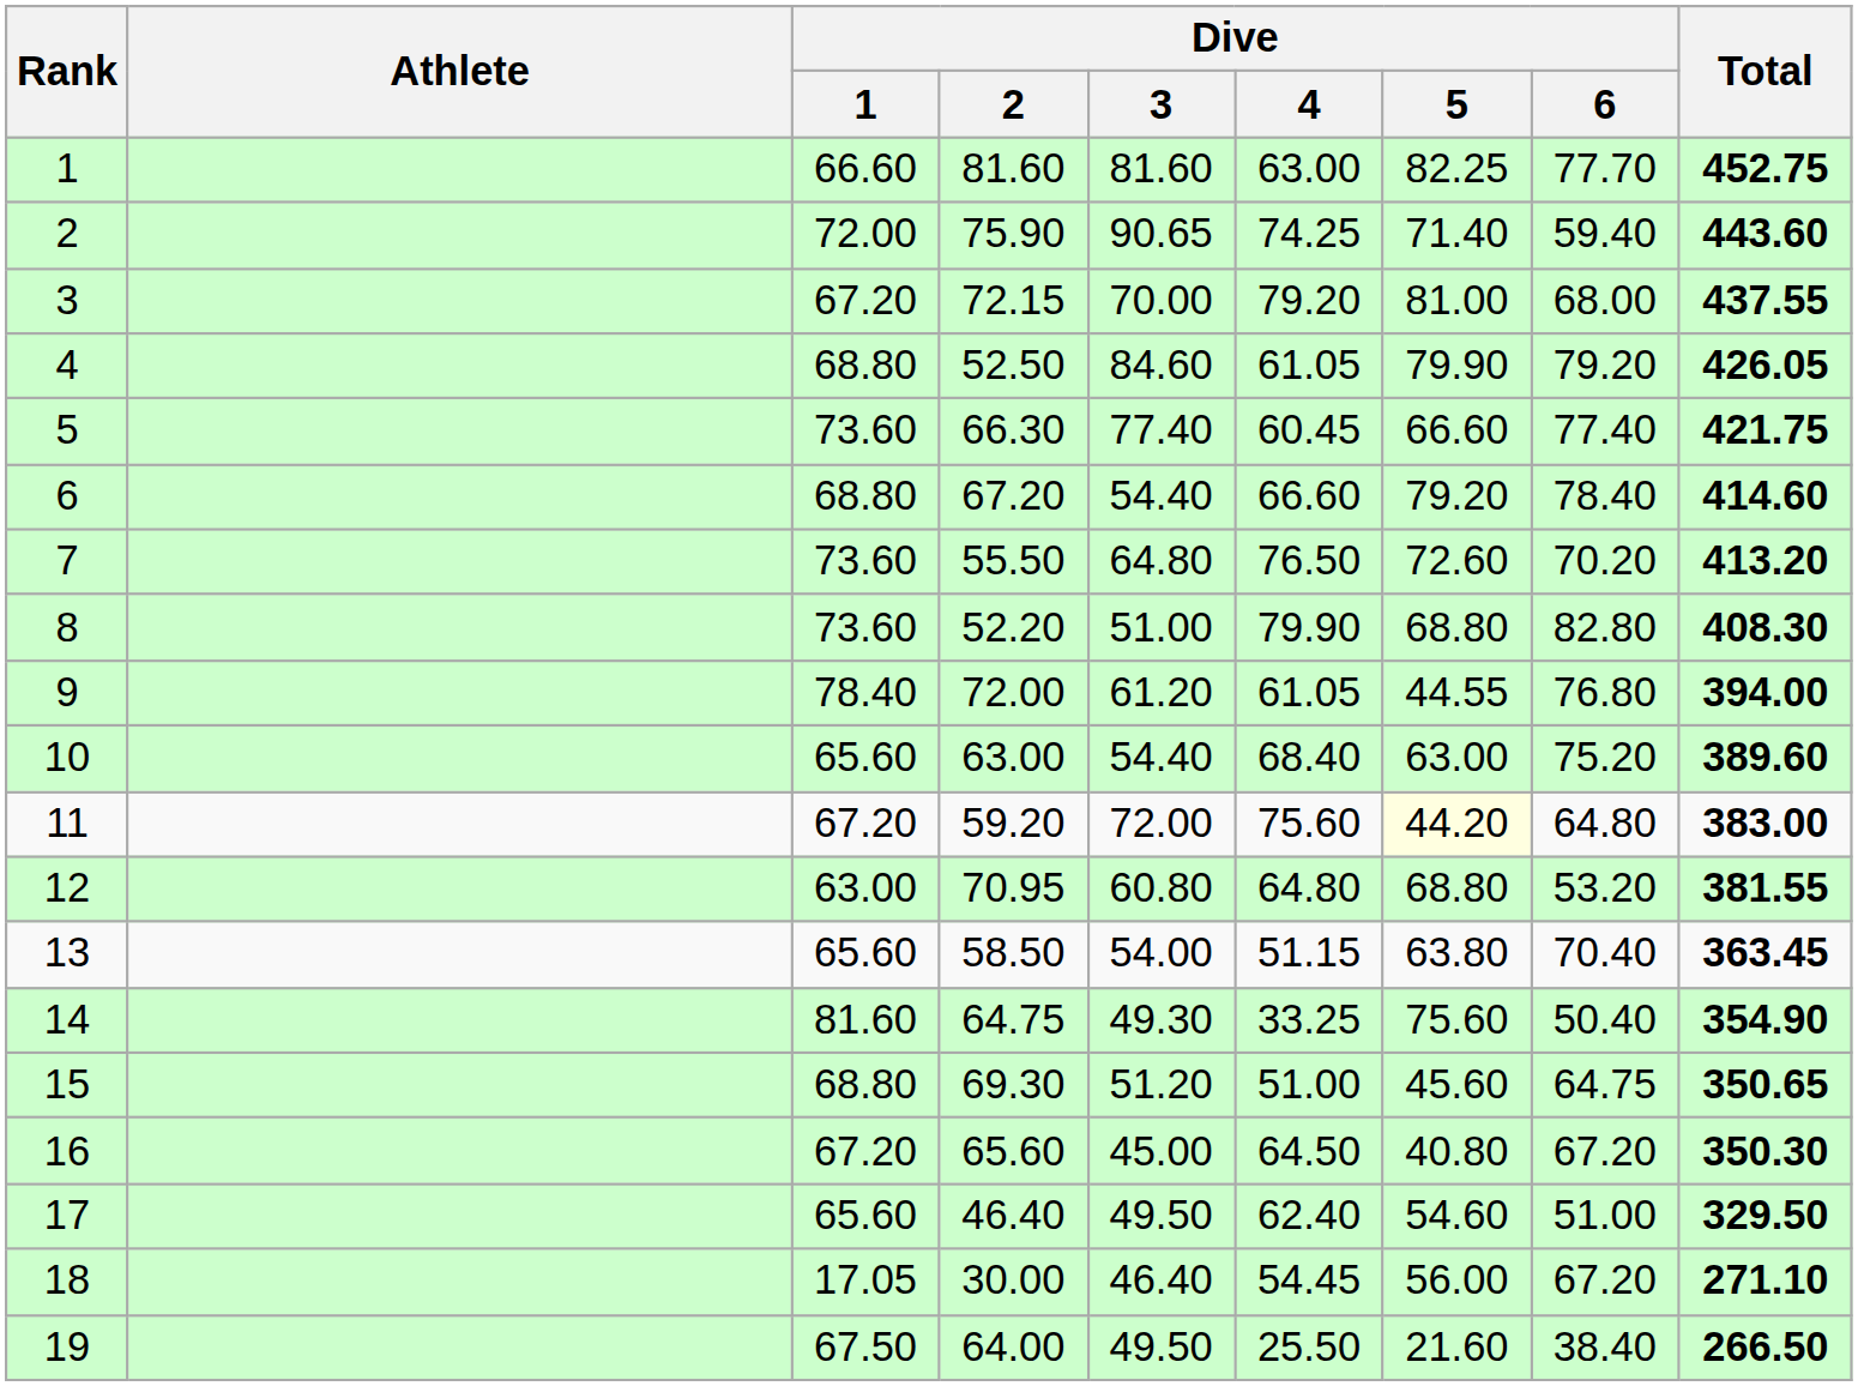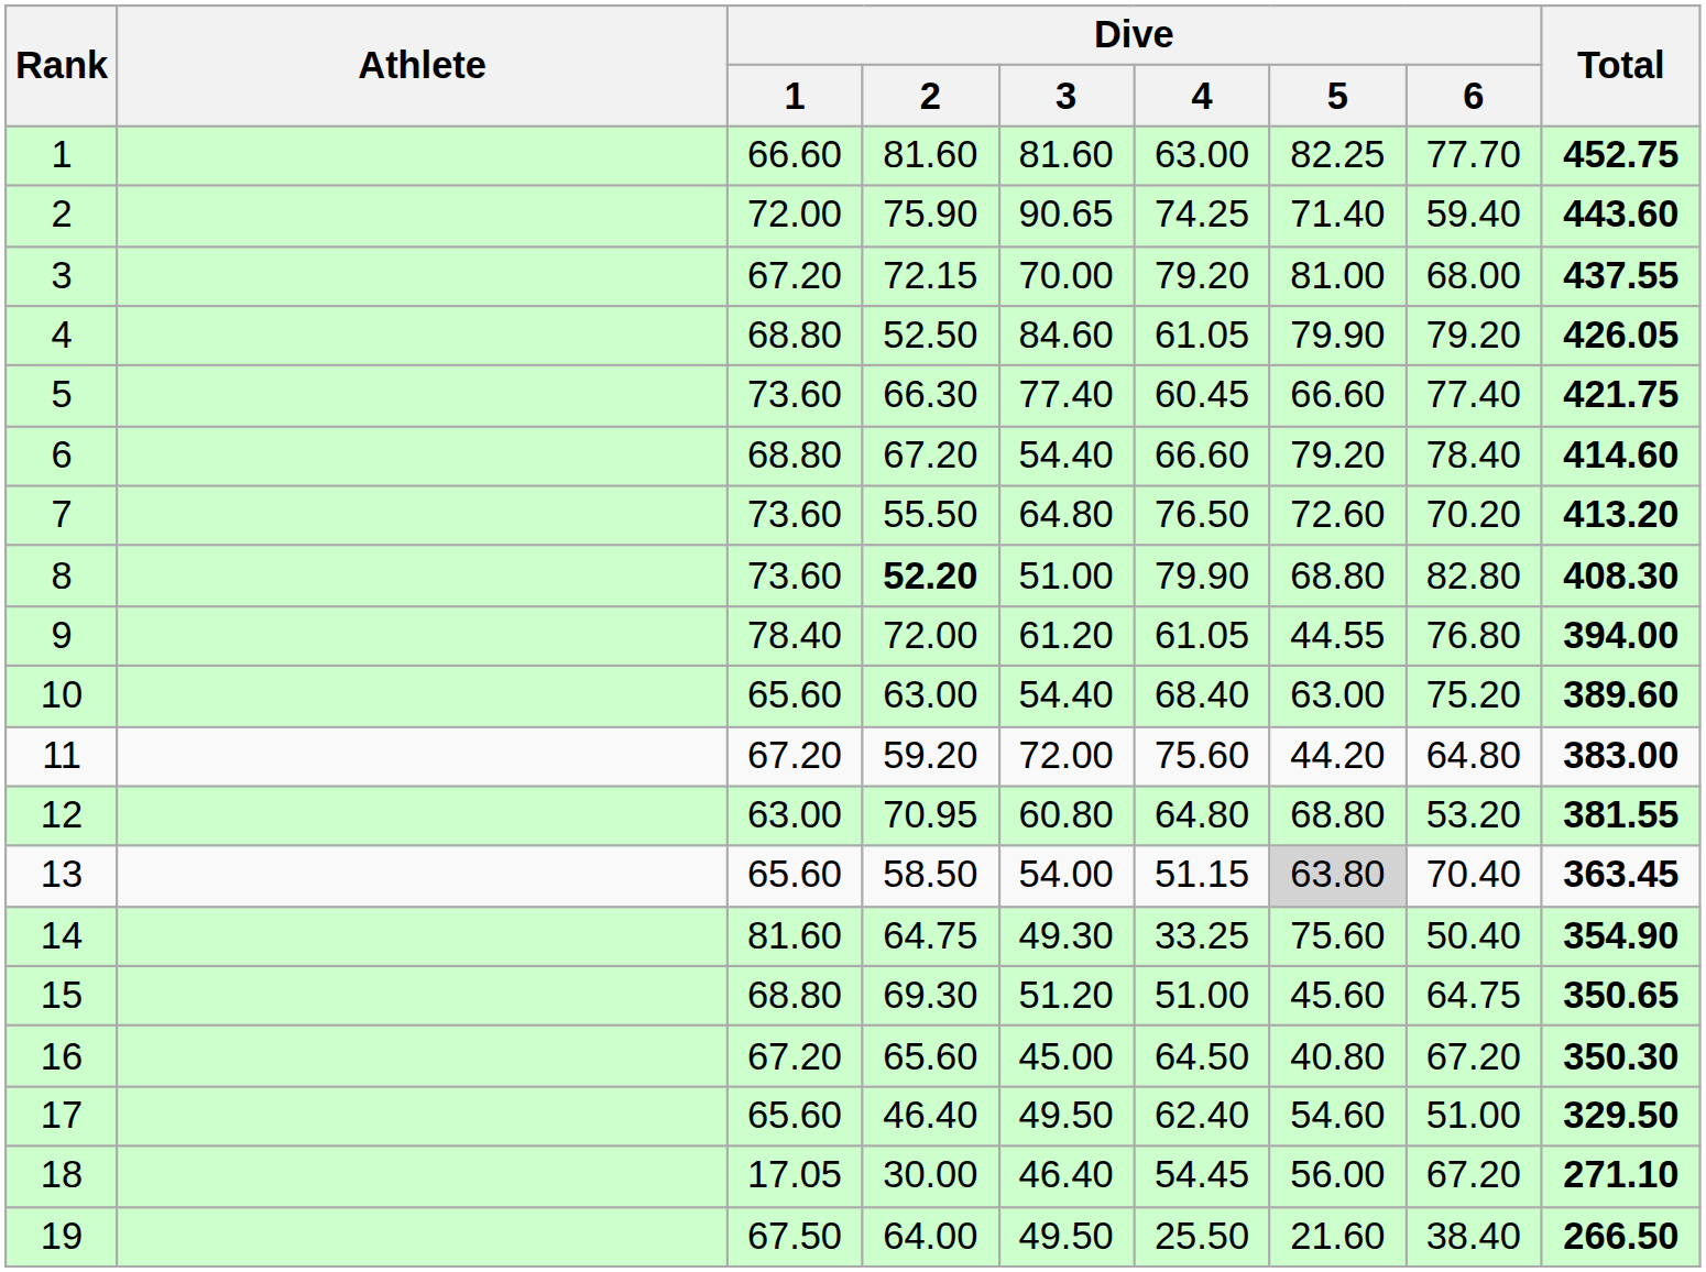 <table class="wikitable" style="text-align:center">
 <tr>
 <th rowspan="2" width="40">Rank</th>
 <th rowspan="2" width="250">Athlete</th>
 <th colspan="6">Dive</th>
 <th rowspan="2" width="60">Total</th>
 </tr>
 <tr>
 <th width="50">1</th>
 <th width="50">2</th>
 <th width="50">3</th>
 <th width="50">4</th>
 <th width="50">5</th>
 <th width="50">6</th>
 </tr>
 <tr bgcolor="ccffcc">
 <td>1</td>
 <td align="left"></td>
 <td>66.60</td>
 <td>81.60</td>
 <td>81.60</td>
 <td>63.00</td>
 <td>82.25</td>
 <td>77.70</td>
 <td><strong>452.75</strong></td>
 </tr>
 <tr bgcolor="ccffcc">
 <td>2</td>
 <td align="left"></td>
 <td>72.00</td>
 <td>75.90</td>
 <td>90.65</td>
 <td>74.25</td>
 <td>71.40</td>
 <td>59.40</td>
 <td><strong>443.60</strong></td>
 </tr>
 <tr bgcolor="ccffcc">
 <td>3</td>
 <td align="left"></td>
 <td>67.20</td>
 <td>72.15</td>
 <td>70.00</td>
 <td>79.20</td>
 <td>81.00</td>
 <td>68.00</td>
 <td><strong>437.55</strong></td>
 </tr>
 <tr bgcolor="ccffcc">
 <td>4</td>
 <td align="left"></td>
 <td>68.80</td>
 <td>52.50</td>
 <td>84.60</td>
 <td>61.05</td>
 <td>79.90</td>
 <td>79.20</td>
 <td><strong>426.05</strong></td>
 </tr>
 <tr bgcolor="ccffcc">
 <td>5</td>
 <td align="left"></td>
 <td>73.60</td>
 <td>66.30</td>
 <td>77.40</td>
 <td>60.45</td>
 <td>66.60</td>
 <td>77.40</td>
 <td><strong>421.75</strong></td>
 </tr>
 <tr bgcolor="ccffcc">
 <td>6</td>
 <td align="left"></td>
 <td>68.80</td>
 <td>67.20</td>
 <td>54.40</td>
 <td>66.60</td>
 <td>79.20</td>
 <td>78.40</td>
 <td><strong>414.60</strong></td>
 </tr>
 <tr bgcolor="ccffcc">
 <td>7</td>
 <td align="left"></td>
 <td>73.60</td>
 <td>55.50</td>
 <td>64.80</td>
 <td>76.50</td>
 <td>72.60</td>
 <td>70.20</td>
 <td><strong>413.20</strong></td>
 </tr>
 <tr bgcolor="ccffcc">
 <td>8</td>
 <td align="left"></td>
 <td>73.60</td>
-<td>52.20</td>
+<td><strong>52.20</strong></td>
 <td>51.00</td>
 <td>79.90</td>
 <td>68.80</td>
 <td>82.80</td>
 <td><strong>408.30</strong></td>
 </tr>
 <tr bgcolor="ccffcc">
 <td>9</td>
 <td align="left"></td>
 <td>78.40</td>
 <td>72.00</td>
 <td>61.20</td>
 <td>61.05</td>
 <td>44.55</td>
 <td>76.80</td>
 <td><strong>394.00</strong></td>
 </tr>
 <tr bgcolor="ccffcc">
 <td>10</td>
 <td align="left"></td>
 <td>65.60</td>
 <td>63.00</td>
 <td>54.40</td>
 <td>68.40</td>
 <td>63.00</td>
 <td>75.20</td>
 <td><strong>389.60</strong></td>
 </tr>
 <tr>
 <td>11</td>
 <td align="left"></td>
 <td>67.20</td>
 <td>59.20</td>
 <td>72.00</td>
 <td>75.60</td>
-<td style="background: lightyellow;">44.20</td>
+<td>44.20</td>
 <td>64.80</td>
 <td><strong>383.00</strong></td>
 </tr>
 <tr bgcolor="ccffcc">
 <td>12</td>
 <td align="left"></td>
 <td>63.00</td>
 <td>70.95</td>
 <td>60.80</td>
 <td>64.80</td>
 <td>68.80</td>
 <td>53.20</td>
 <td><strong>381.55</strong></td>
 </tr>
 <tr>
 <td>13</td>
 <td align="left"></td>
 <td>65.60</td>
 <td>58.50</td>
 <td>54.00</td>
 <td>51.15</td>
-<td>63.80</td>
+<td style="background: lightgrey;">63.80</td>
 <td>70.40</td>
 <td><strong>363.45</strong></td>
 </tr>
 <tr bgcolor="ccffcc">
 <td>14</td>
 <td align="left"></td>
 <td>81.60</td>
 <td>64.75</td>
 <td>49.30</td>
 <td>33.25</td>
 <td>75.60</td>
 <td>50.40</td>
 <td><strong>354.90</strong></td>
 </tr>
 <tr bgcolor="ccffcc">
 <td>15</td>
 <td align="left"></td>
 <td>68.80</td>
 <td>69.30</td>
 <td>51.20</td>
 <td>51.00</td>
 <td>45.60</td>
 <td>64.75</td>
 <td><strong>350.65</strong></td>
 </tr>
 <tr bgcolor="ccffcc">
 <td>16</td>
 <td align="left"></td>
 <td>67.20</td>
 <td>65.60</td>
 <td>45.00</td>
 <td>64.50</td>
 <td>40.80</td>
 <td>67.20</td>
 <td><strong>350.30</strong></td>
 </tr>
 <tr bgcolor="ccffcc">
 <td>17</td>
 <td align="left"></td>
 <td>65.60</td>
 <td>46.40</td>
 <td>49.50</td>
 <td>62.40</td>
 <td>54.60</td>
 <td>51.00</td>
 <td><strong>329.50</strong></td>
 </tr>
 <tr bgcolor="ccffcc">
 <td>18</td>
 <td align="left"></td>
 <td>17.05</td>
 <td>30.00</td>
 <td>46.40</td>
 <td>54.45</td>
 <td>56.00</td>
 <td>67.20</td>
 <td><strong>271.10</strong></td>
 </tr>
 <tr bgcolor="ccffcc">
 <td>19</td>
 <td align="left"></td>
 <td>67.50</td>
 <td>64.00</td>
 <td>49.50</td>
 <td>25.50</td>
 <td>21.60</td>
 <td>38.40</td>
 <td><strong>266.50</strong></td>
 </tr>
 </table>
